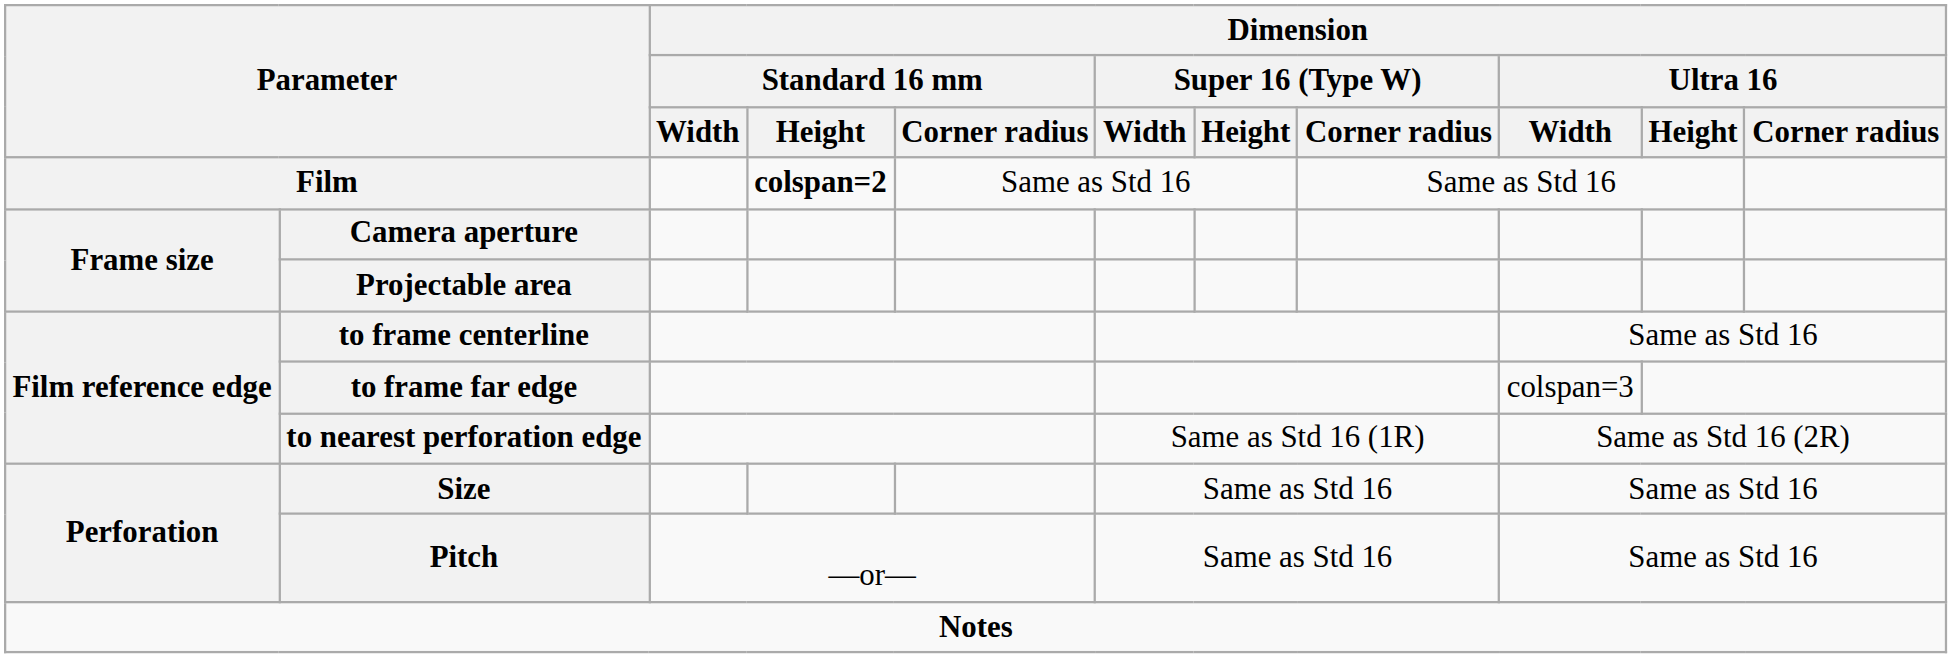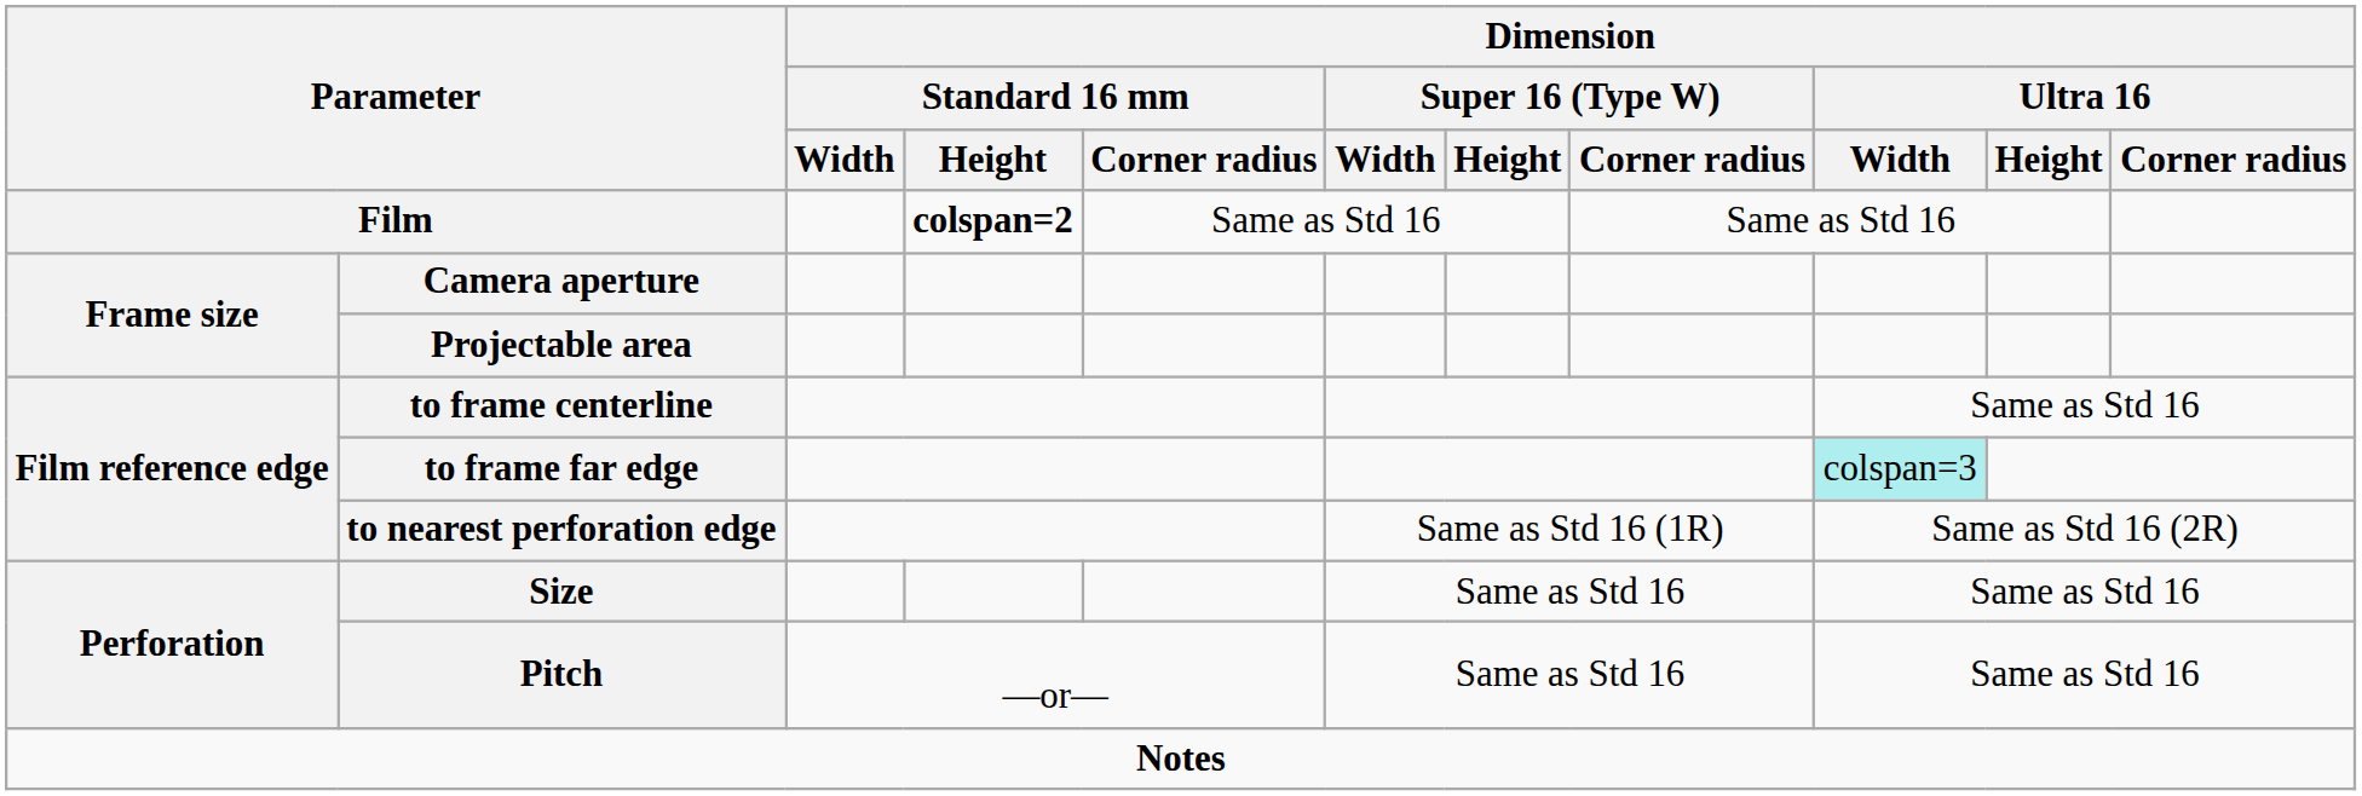 <table class="wikitable" style="font-size:85%;text-align:center;">
 <tr>
 <th rowspan=3 colspan=2>Parameter</th>
 <th colspan=9>Dimension</th>
 </tr>
 <tr>
 <th colspan=3>Standard 16 mm</th>
 <th colspan=3>Super 16 (Type W)</th>
 <th colspan=3>Ultra 16</th>
 </tr>
 <tr>
 <th>Width</th>
 <th>Height</th>
 <th>Corner radius</th>
 <th>Width</th>
 <th>Height</th>
 <th>Corner radius</th>
 <th>Width</th>
 <th>Height</th>
 <th>Corner radius</th>
 </tr>
 <tr>
 <th colspan=2>Film</th>
 <td></td>
 <td><strong>colspan=2 </strong></td>
 <td colspan=3>Same as Std 16</td>
 <td colspan=3>Same as Std 16</td>
 </tr>
 <tr>
 <th rowspan=2>Frame size</th>
 <th>Camera aperture</th>
 <td></td>
 <td></td>
 <td></td>
 <td></td>
 <td></td>
 <td></td>
 <td></td>
 <td></td>
 <td></td>
 </tr>
 <tr>
 <th>Projectable area</th>
 <td></td>
 <td></td>
 <td></td>
 <td></td>
 <td></td>
 <td></td>
 <td></td>
 <td></td>
 <td></td>
 </tr>
 <tr>
 <th rowspan=3>Film reference edge</th>
 <th>to frame centerline</th>
 <td colspan=3></td>
 <td colspan=3></td>
 <td colspan=3>Same as Std 16</td>
 </tr>
 <tr>
 <th>to frame far edge</th>
 <td colspan=3></td>
 <td colspan=3></td>
-<td>colspan=3 </td>
+<td style="background: paleturquoise;">colspan=3 </td>
 </tr>
 <tr>
 <th>to nearest perforation edge</th>
 <td colspan=3></td>
 <td colspan=3>Same as Std 16 (1R)</td>
 <td colspan=3>Same as Std 16 (2R)</td>
 </tr>
 <tr>
 <th rowspan=2>Perforation</th>
 <th>Size</th>
 <td></td>
 <td></td>
 <td></td>
 <td colspan=3>Same as Std 16</td>
 <td colspan=3>Same as Std 16</td>
 </tr>
 <tr>
 <th>Pitch</th>
 <td colspan=3><br>—or—<br></td>
 <td colspan=3>Same as Std 16</td>
 <td colspan=3>Same as Std 16</td>
 </tr>
 <tr>
 <td colspan=11><strong>Notes</strong><br></td>
 </tr>
 </table>
